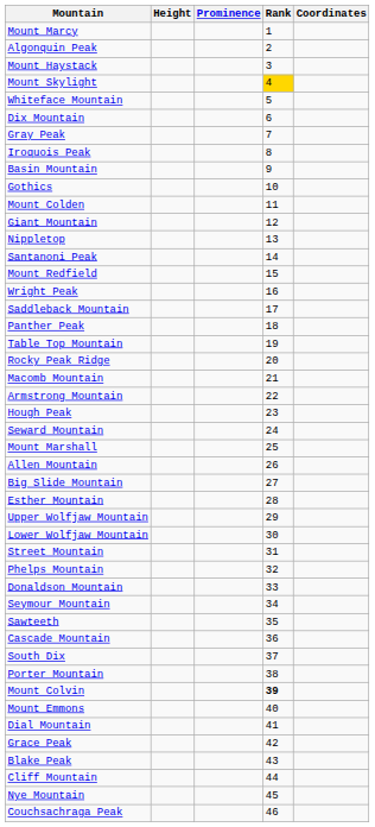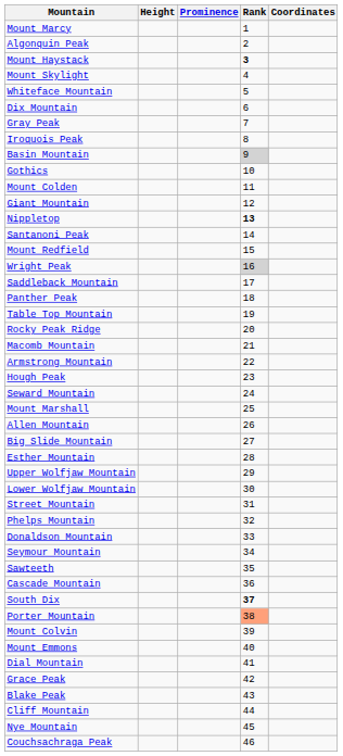 <table class="wikitable sortable">
 <tr>
 <th>Mountain</th>
 <th>Height</th>
 <th><a href='#'>Prominence</a></th>
 <th>Rank</th>
 <th>Coordinates</th>
 </tr>
 <tr>
 <td><a href='#'>Mount Marcy</a></td>
 <td></td>
 <td></td>
 <td>1</td>
 <td></td>
 </tr>
 <tr>
 <td><a href='#'>Algonquin Peak</a></td>
 <td></td>
 <td></td>
 <td>2</td>
 <td></td>
 </tr>
 <tr>
 <td><a href='#'>Mount Haystack</a></td>
 <td></td>
 <td></td>
-<td>3</td>
+<td><strong>3</strong></td>
 <td></td>
 </tr>
 <tr>
 <td><a href='#'>Mount Skylight</a></td>
 <td></td>
 <td></td>
-<td style="background: gold;">4</td>
+<td>4</td>
 <td></td>
 </tr>
 <tr>
 <td><a href='#'>Whiteface Mountain</a></td>
 <td></td>
 <td></td>
 <td>5</td>
 <td></td>
 </tr>
 <tr>
 <td><a href='#'>Dix Mountain</a></td>
 <td></td>
 <td></td>
 <td>6</td>
 <td></td>
 </tr>
 <tr>
 <td><a href='#'>Gray Peak</a></td>
 <td></td>
 <td></td>
 <td>7</td>
 <td></td>
 </tr>
 <tr>
 <td><a href='#'>Iroquois Peak</a></td>
 <td></td>
 <td></td>
 <td>8</td>
 <td></td>
 </tr>
 <tr>
 <td><a href='#'>Basin Mountain</a></td>
 <td></td>
 <td></td>
-<td>9</td>
+<td style="background: lightgrey;">9</td>
 <td></td>
 </tr>
 <tr>
 <td><a href='#'>Gothics</a></td>
 <td></td>
 <td></td>
 <td>10</td>
 <td></td>
 </tr>
 <tr>
 <td><a href='#'>Mount Colden</a></td>
 <td></td>
 <td></td>
 <td>11</td>
 <td></td>
 </tr>
 <tr>
 <td><a href='#'>Giant Mountain</a></td>
 <td></td>
 <td></td>
 <td>12</td>
 <td></td>
 </tr>
 <tr>
 <td><a href='#'>Nippletop</a></td>
 <td></td>
 <td></td>
-<td>13</td>
+<td><strong>13</strong></td>
 <td></td>
 </tr>
 <tr>
 <td><a href='#'>Santanoni Peak</a></td>
 <td></td>
 <td></td>
 <td>14</td>
 <td></td>
 </tr>
 <tr>
 <td><a href='#'>Mount Redfield</a></td>
 <td></td>
 <td></td>
 <td>15</td>
 <td></td>
 </tr>
 <tr>
 <td><a href='#'>Wright Peak</a></td>
 <td></td>
 <td></td>
-<td>16</td>
+<td style="background: lightgrey;">16</td>
 <td></td>
 </tr>
 <tr>
 <td><a href='#'>Saddleback Mountain</a></td>
 <td></td>
 <td></td>
 <td>17</td>
 <td></td>
 </tr>
 <tr>
 <td><a href='#'>Panther Peak</a></td>
 <td></td>
 <td> </td>
 <td>18</td>
 <td></td>
 </tr>
 <tr>
 <td><a href='#'>Table Top Mountain</a></td>
 <td></td>
 <td></td>
 <td>19</td>
 <td></td>
 </tr>
 <tr>
 <td><a href='#'>Rocky Peak Ridge</a></td>
 <td></td>
 <td></td>
 <td>20</td>
 <td></td>
 </tr>
 <tr>
 <td><a href='#'>Macomb Mountain</a></td>
 <td></td>
 <td></td>
 <td>21</td>
 <td></td>
 </tr>
 <tr>
 <td><a href='#'>Armstrong Mountain</a></td>
 <td></td>
 <td></td>
 <td>22</td>
 <td></td>
 </tr>
 <tr>
 <td><a href='#'>Hough Peak</a></td>
 <td></td>
 <td></td>
 <td>23</td>
 <td></td>
 </tr>
 <tr>
 <td><a href='#'>Seward Mountain</a></td>
 <td></td>
 <td></td>
 <td>24</td>
 <td></td>
 </tr>
 <tr>
 <td><a href='#'>Mount Marshall</a></td>
 <td></td>
 <td></td>
 <td>25</td>
 <td></td>
 </tr>
 <tr>
 <td><a href='#'>Allen Mountain</a></td>
 <td></td>
 <td></td>
 <td>26</td>
 <td></td>
 </tr>
 <tr>
 <td><a href='#'>Big Slide Mountain</a></td>
 <td></td>
 <td></td>
 <td>27</td>
 <td></td>
 </tr>
 <tr>
 <td><a href='#'>Esther Mountain</a></td>
 <td></td>
 <td></td>
 <td>28</td>
 <td></td>
 </tr>
 <tr>
 <td><a href='#'>Upper Wolfjaw Mountain</a></td>
 <td></td>
 <td></td>
 <td>29</td>
 <td></td>
 </tr>
 <tr>
 <td><a href='#'>Lower Wolfjaw Mountain</a></td>
 <td></td>
 <td></td>
 <td>30</td>
 <td></td>
 </tr>
 <tr>
 <td><a href='#'>Street Mountain</a></td>
 <td></td>
 <td></td>
 <td>31</td>
 <td></td>
 </tr>
 <tr>
 <td><a href='#'>Phelps Mountain</a></td>
 <td></td>
 <td></td>
 <td>32</td>
 <td></td>
 </tr>
 <tr>
 <td><a href='#'>Donaldson Mountain</a></td>
 <td></td>
 <td></td>
 <td>33</td>
 <td></td>
 </tr>
 <tr>
 <td><a href='#'>Seymour Mountain</a></td>
 <td></td>
 <td></td>
 <td>34</td>
 <td></td>
 </tr>
 <tr>
 <td><a href='#'>Sawteeth</a></td>
 <td></td>
 <td></td>
 <td>35</td>
 <td></td>
 </tr>
 <tr>
 <td><a href='#'>Cascade Mountain</a></td>
 <td></td>
 <td></td>
 <td>36</td>
 <td></td>
 </tr>
 <tr>
 <td><a href='#'>South Dix</a></td>
 <td></td>
 <td></td>
-<td>37</td>
+<td><strong>37</strong></td>
 <td></td>
 </tr>
 <tr>
 <td><a href='#'>Porter Mountain</a></td>
 <td></td>
 <td></td>
-<td>38</td>
+<td style="background: lightsalmon;">38</td>
 <td></td>
 </tr>
 <tr>
 <td><a href='#'>Mount Colvin</a></td>
 <td></td>
 <td></td>
-<td><strong>39</strong></td>
+<td>39</td>
 <td></td>
 </tr>
 <tr>
 <td><a href='#'>Mount Emmons</a></td>
 <td></td>
 <td></td>
 <td>40</td>
 <td></td>
 </tr>
 <tr>
 <td><a href='#'>Dial Mountain</a></td>
 <td></td>
 <td></td>
 <td>41</td>
 <td></td>
 </tr>
 <tr>
 <td><a href='#'>Grace Peak</a></td>
 <td></td>
 <td></td>
 <td>42</td>
 <td></td>
 </tr>
 <tr>
 <td><a href='#'>Blake Peak</a></td>
 <td></td>
 <td></td>
 <td>43</td>
 <td></td>
 </tr>
 <tr>
 <td><a href='#'>Cliff Mountain</a></td>
 <td></td>
 <td></td>
 <td>44</td>
 <td></td>
 </tr>
 <tr>
 <td><a href='#'>Nye Mountain</a></td>
 <td></td>
 <td></td>
 <td>45</td>
 <td></td>
 </tr>
 <tr>
 <td><a href='#'>Couchsachraga Peak</a></td>
 <td></td>
 <td></td>
 <td>46</td>
 <td></td>
 </tr>
 </table>
